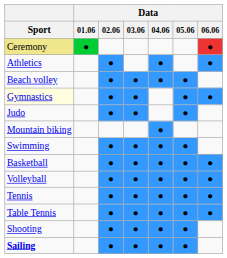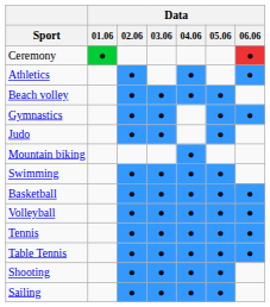 <table class="wikitable" style="margin:0.5em auto; font-size:90%; line-height:1.25em;">
 <tr>
 <th></th>
 <th colspan=7>Data</th>
 </tr>
 <tr>
 <th>Sport</th>
 <th><small>01.06</small></th>
 <th><small>02.06</small></th>
 <th><small>03.06</small></th>
 <th><small>04.06</small></th>
 <th><small>05.06</small></th>
 <th><small>06.06</small></th>
 </tr>
 <tr>
-<td style="background: khaki;">Ceremony</td>
+<td>Ceremony</td>
 <td bgcolor=#00cc33>   ●   </td>
 <td></td>
 <td></td>
 <td></td>
 <td></td>
 <td bgcolor=#ee3333>   ●   </td>
 </tr>
 <tr>
 <td><a href='#'>Athletics</a></td>
 <td></td>
 <td bgcolor=#3399ff>   ●   </td>
 <td></td>
 <td bgcolor=#3399ff>   ●   </td>
 <td></td>
 <td bgcolor=#3399ff>   ●   </td>
 </tr>
 <tr>
 <td><a href='#'>Beach volley</a></td>
 <td></td>
 <td bgcolor=#3399ff>   ●   </td>
 <td bgcolor=#3399ff>   ●   </td>
 <td bgcolor=#3399ff>   ●   </td>
 <td bgcolor=#3399ff>   ●   </td>
 <td></td>
 </tr>
 <tr>
-<td style="background: lightyellow;"><a href='#'>Gymnastics</a></td>
+<td><a href='#'>Gymnastics</a></td>
 <td></td>
 <td bgcolor=#3399ff>   ●   </td>
 <td bgcolor=#3399ff>   ●   </td>
 <td></td>
 <td bgcolor=#3399ff>   ●   </td>
 <td bgcolor=#3399ff>   ●   </td>
 </tr>
 <tr>
 <td><a href='#'>Judo</a></td>
 <td></td>
 <td bgcolor=#3399ff>   ●   </td>
 <td bgcolor=#3399ff>   ●   </td>
 <td></td>
 <td bgcolor=#3399ff>   ●   </td>
 <td></td>
 </tr>
 <tr>
 <td><a href='#'>Mountain biking</a></td>
 <td></td>
 <td></td>
 <td></td>
 <td bgcolor=#3399ff>   ●   </td>
 <td></td>
 <td></td>
 </tr>
 <tr>
 <td><a href='#'>Swimming</a></td>
 <td></td>
 <td bgcolor=#3399ff>   ●   </td>
 <td bgcolor=#3399ff>   ●   </td>
 <td bgcolor=#3399ff>   ●   </td>
 <td bgcolor=#3399ff>   ●   </td>
 <td></td>
 </tr>
 <tr>
 <td><a href='#'>Basketball</a></td>
 <td></td>
 <td bgcolor=#3399ff>   ●   </td>
 <td bgcolor=#3399ff>   ●   </td>
 <td bgcolor=#3399ff>   ●   </td>
 <td bgcolor=#3399ff>   ●   </td>
 <td bgcolor=#3399ff>   ●   </td>
 </tr>
 <tr>
 <td><a href='#'>Volleyball</a></td>
 <td></td>
 <td bgcolor=#3399ff>   ●   </td>
 <td bgcolor=#3399ff>   ●   </td>
 <td bgcolor=#3399ff>   ●   </td>
 <td bgcolor=#3399ff>   ●   </td>
 <td bgcolor=#3399ff>   ●   </td>
 </tr>
 <tr>
 <td><a href='#'>Tennis</a></td>
 <td></td>
 <td bgcolor=#3399ff>   ●   </td>
 <td bgcolor=#3399ff>   ●   </td>
 <td bgcolor=#3399ff>   ●   </td>
 <td bgcolor=#3399ff>   ●   </td>
 <td bgcolor=#3399ff>   ●   </td>
 </tr>
 <tr>
 <td><a href='#'>Table Tennis</a></td>
 <td></td>
 <td bgcolor=#3399ff>   ●   </td>
 <td bgcolor=#3399ff>   ●   </td>
 <td bgcolor=#3399ff>   ●   </td>
 <td bgcolor=#3399ff>   ●   </td>
 <td bgcolor=#3399ff>   ●   </td>
 </tr>
 <tr>
 <td><a href='#'>Shooting</a></td>
 <td></td>
 <td bgcolor=#3399ff>   ●   </td>
 <td bgcolor=#3399ff>   ●   </td>
 <td bgcolor=#3399ff>   ●   </td>
 <td bgcolor=#3399ff>   ●   </td>
 <td></td>
 </tr>
 <tr>
-<td><strong><a href='#'>Sailing</a></strong></td>
+<td><a href='#'>Sailing</a></td>
 <td></td>
 <td bgcolor=#3399ff>   ●   </td>
 <td bgcolor=#3399ff>   ●   </td>
 <td bgcolor=#3399ff>   ●   </td>
 <td bgcolor=#3399ff>   ●   </td>
 <td></td>
 </tr>
 </table>
